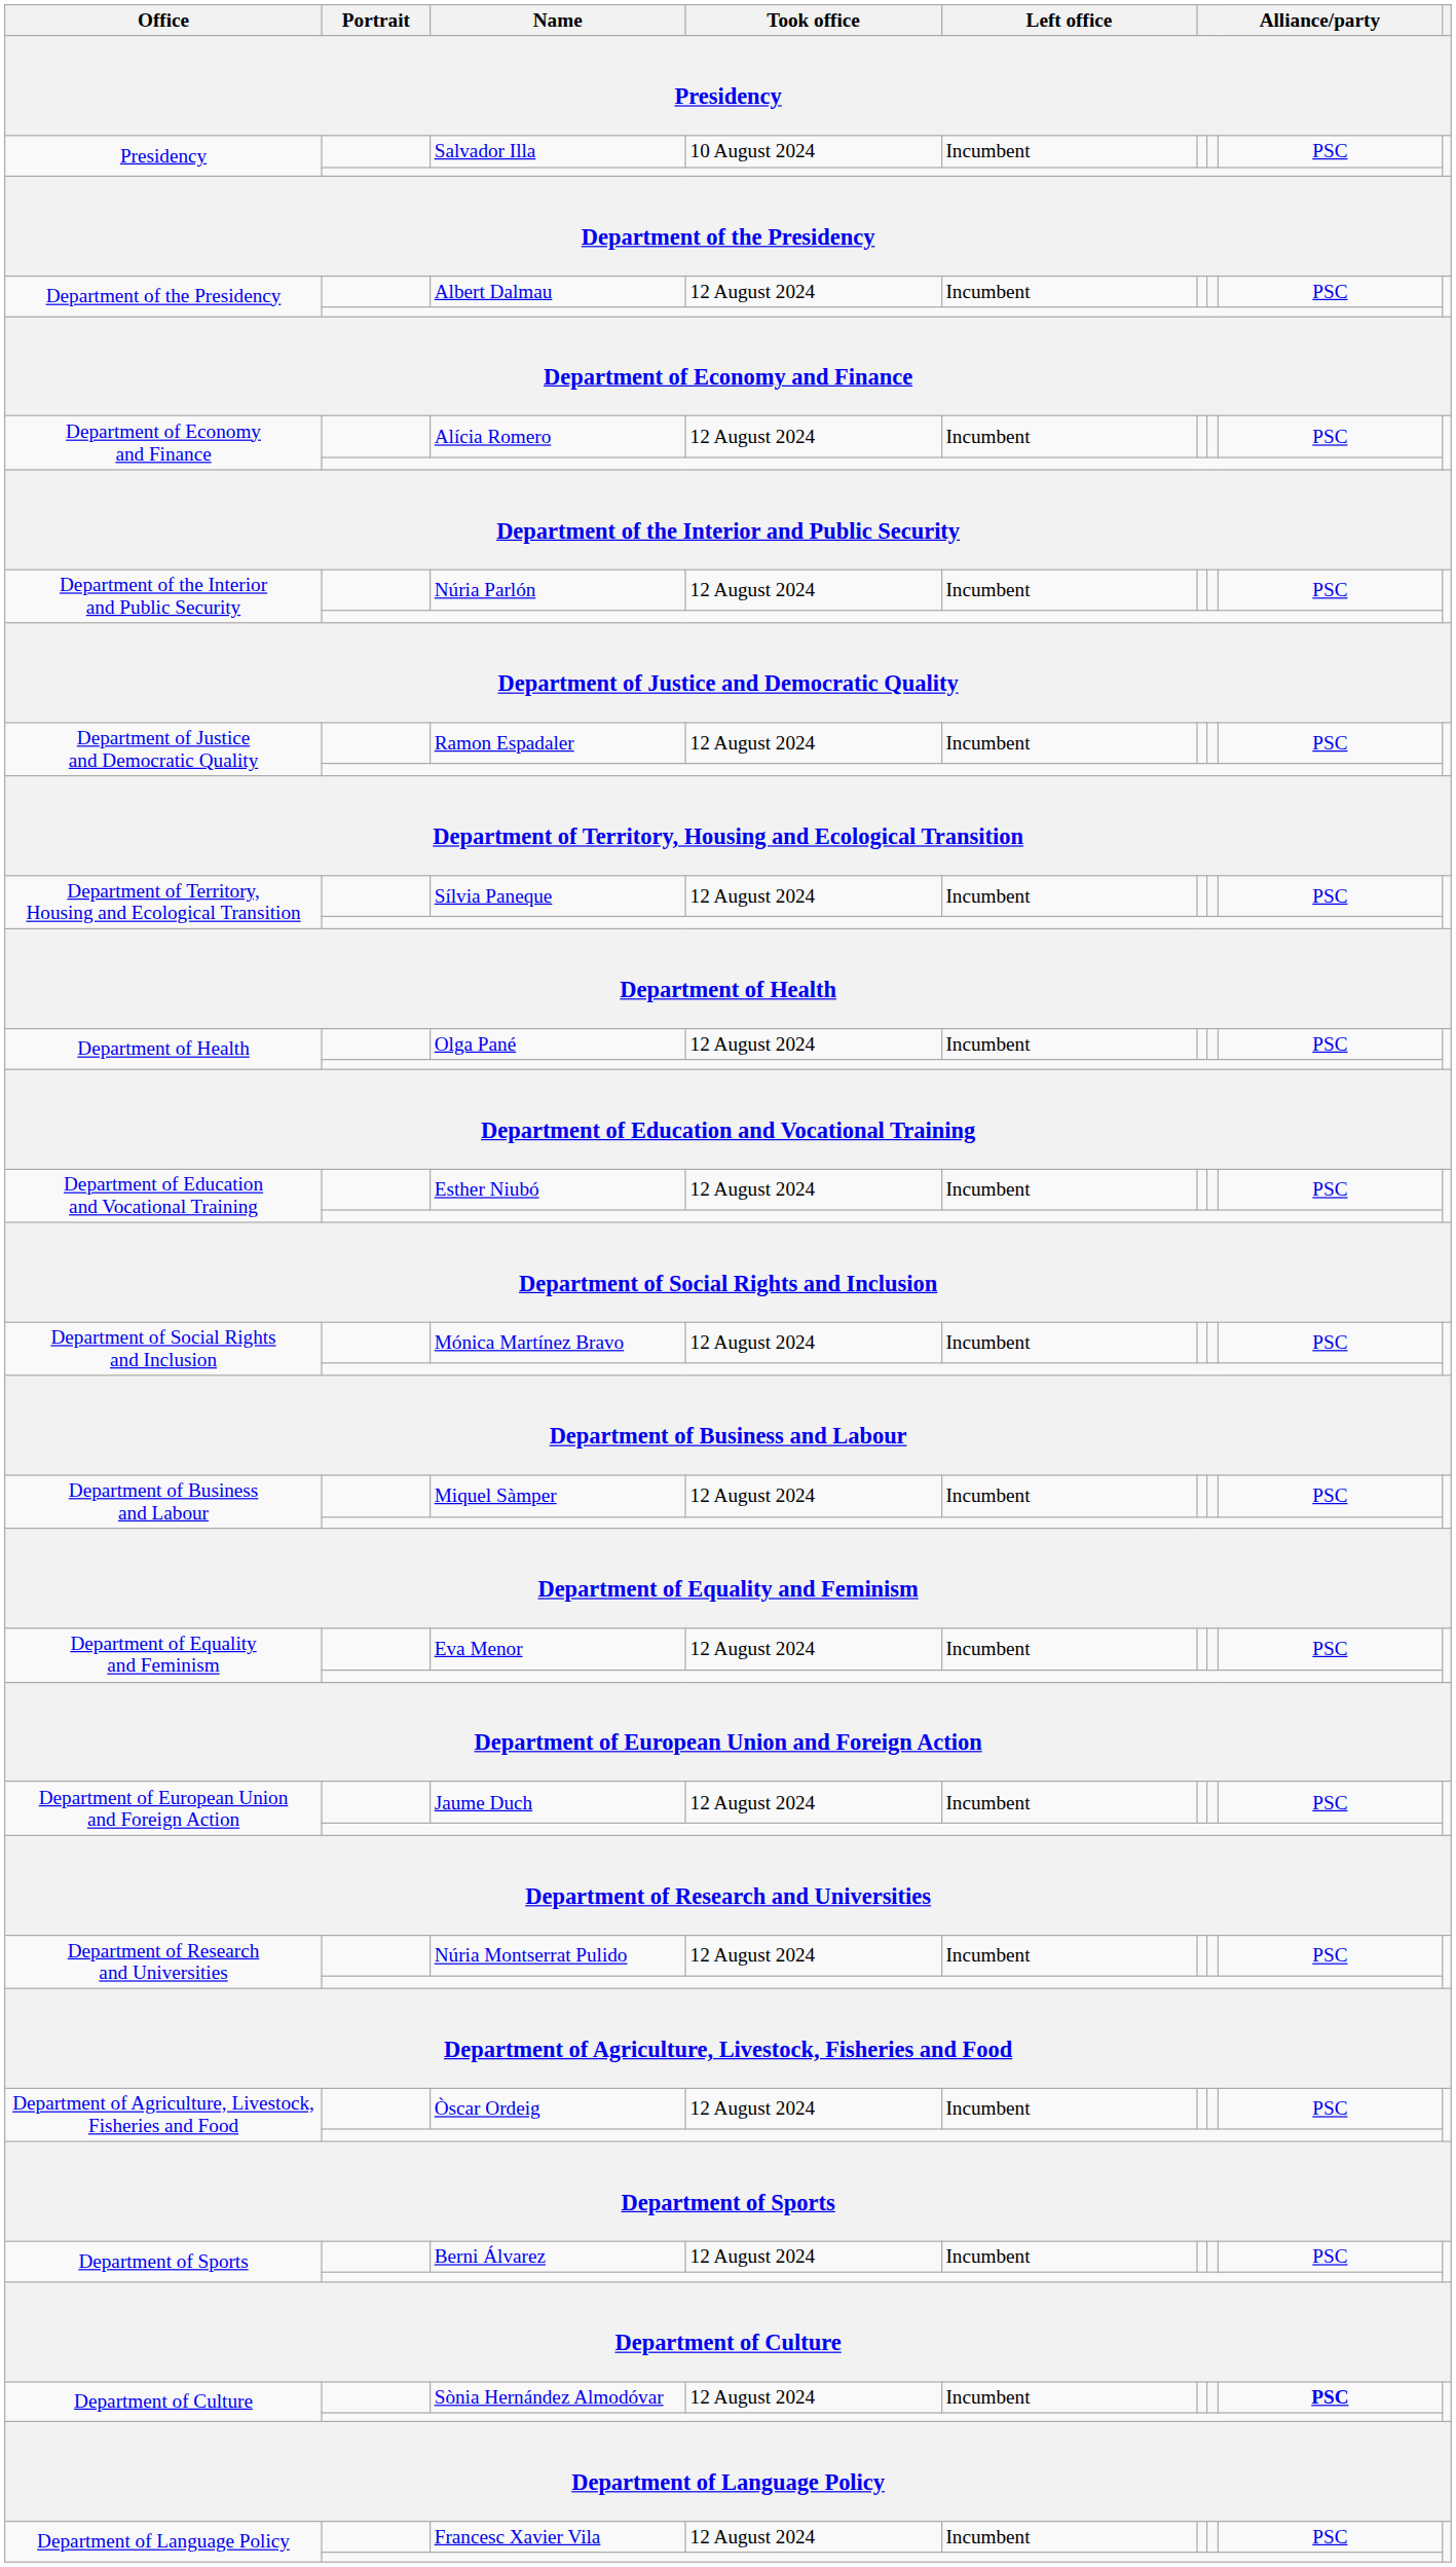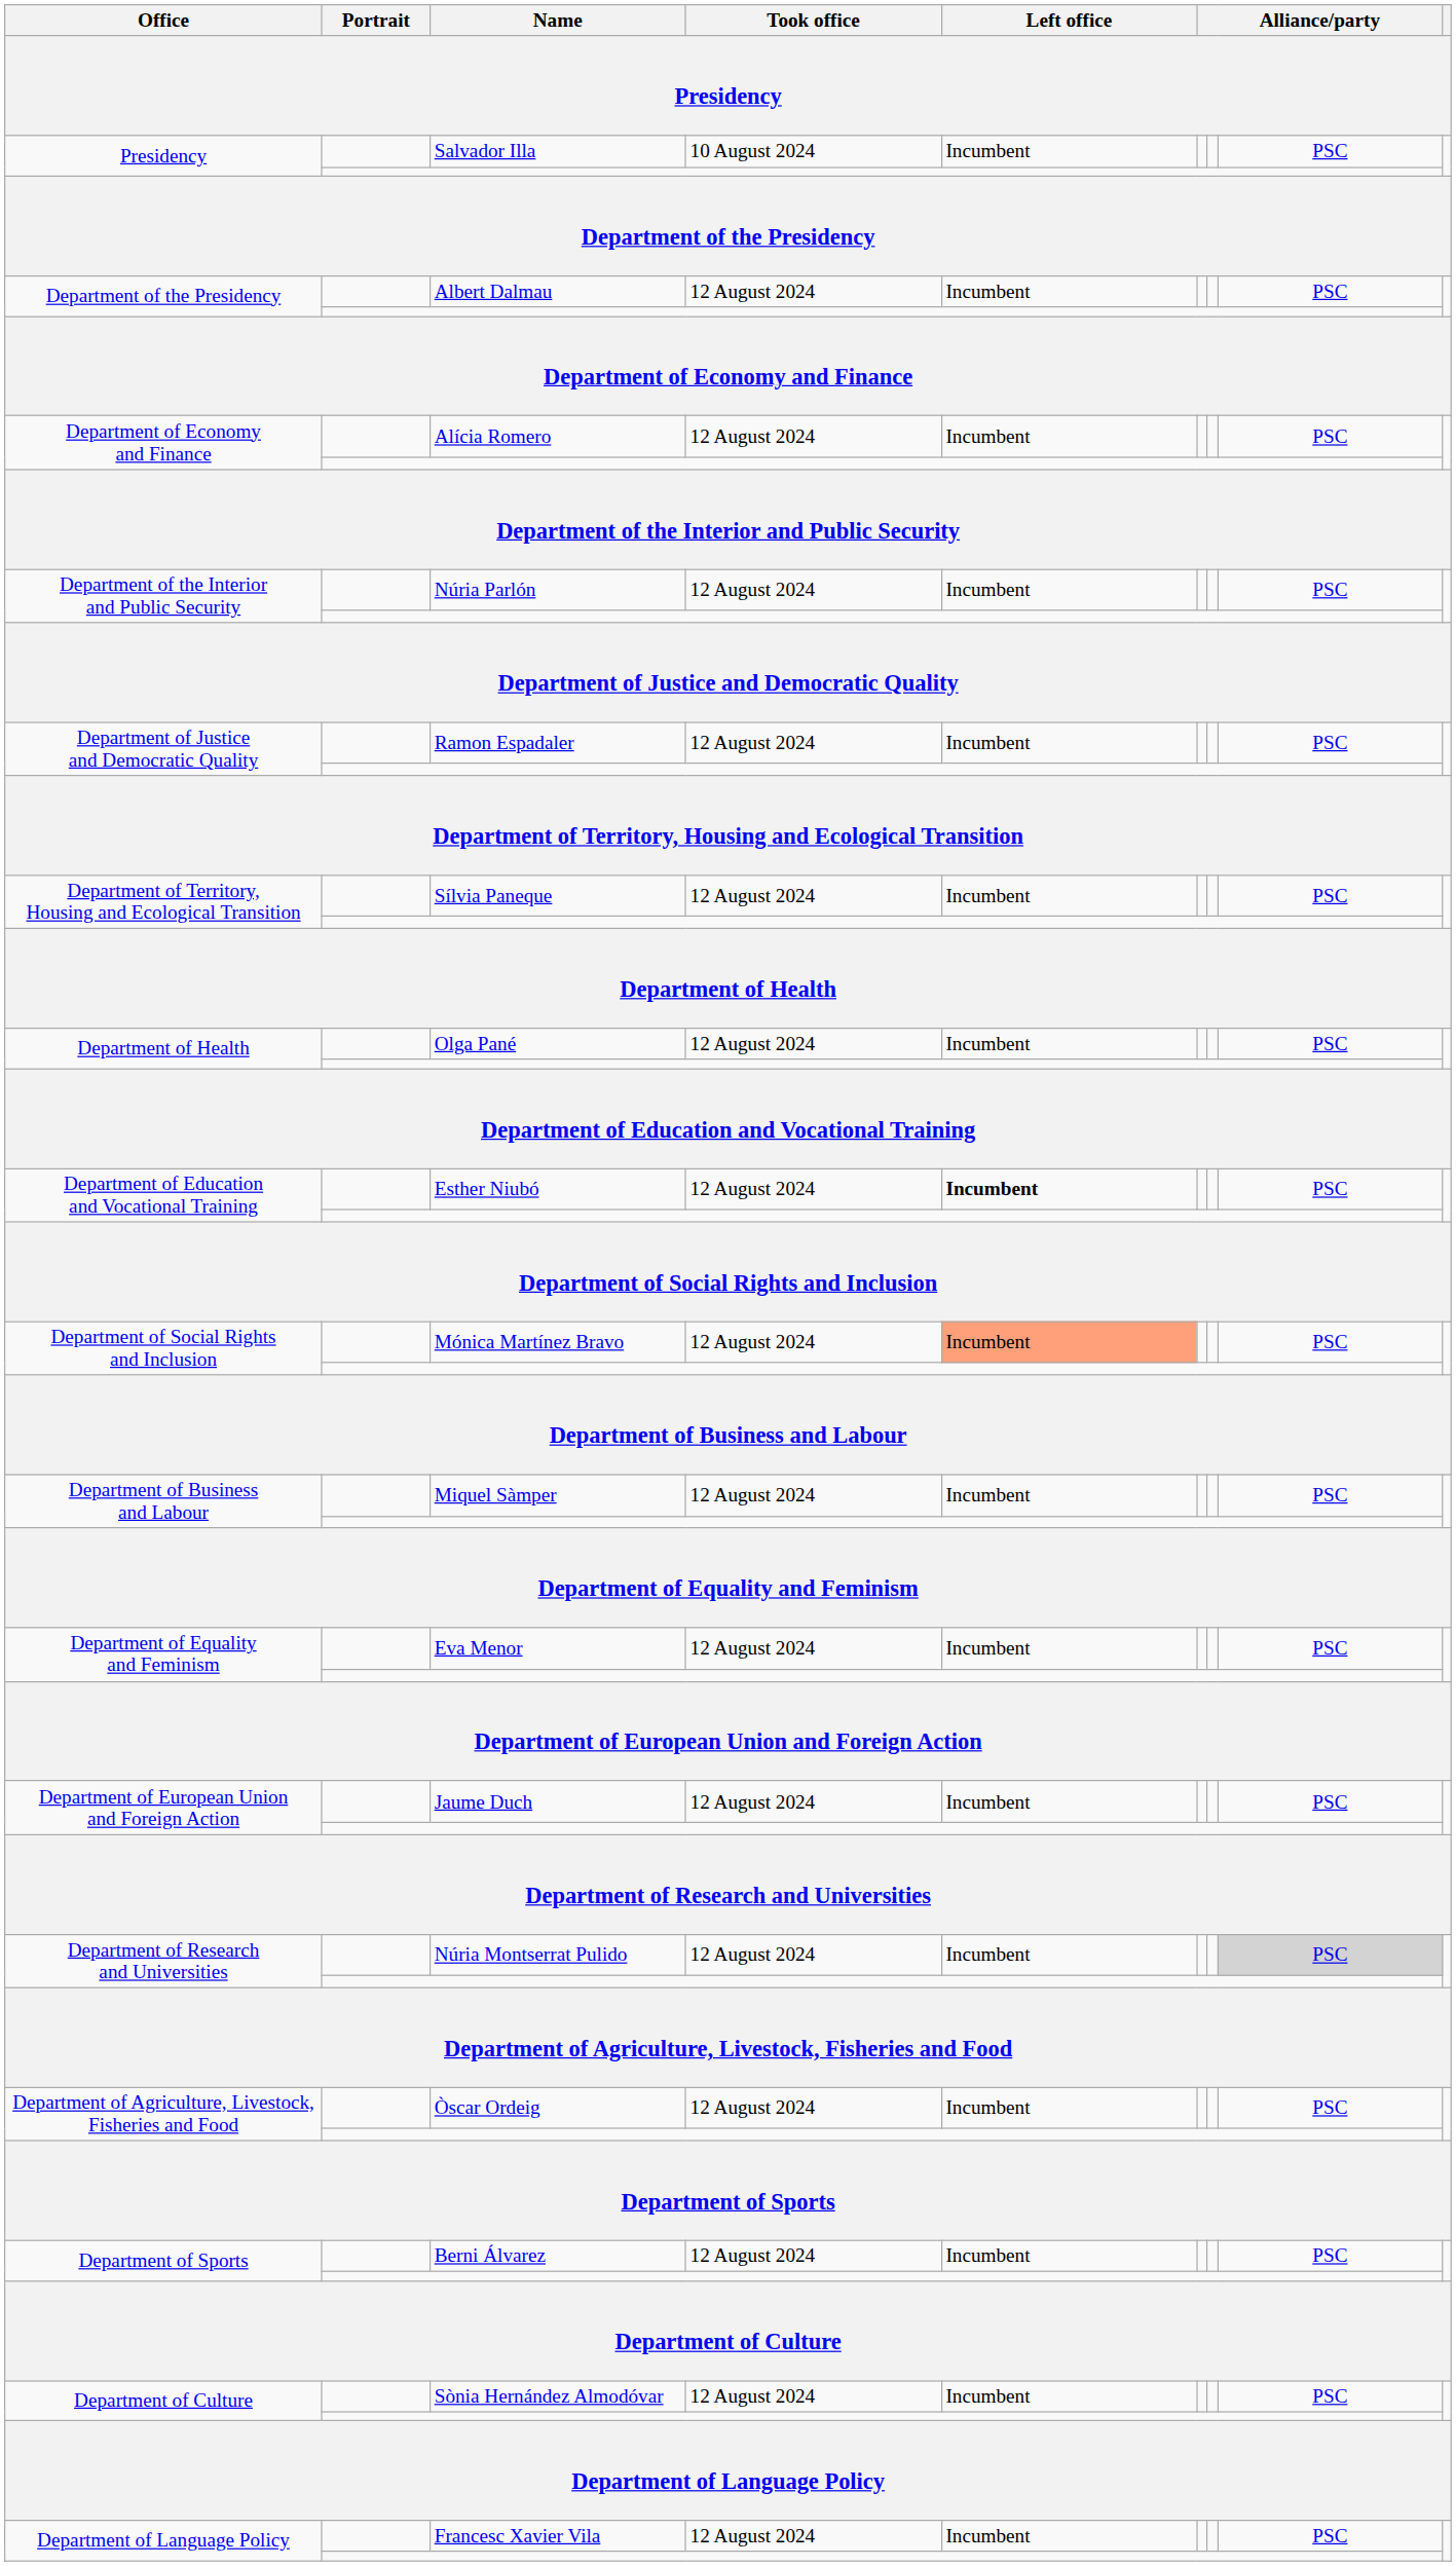 <table class="wikitable" style="line-height:18px;">
 <tr>
 <th scope="col">Office<br></th>
 <th scope="col">Portrait</th>
 <th scope="col">Name</th>
 <th scope="col">Took office</th>
 <th scope="col">Left office</th>
 <th colspan="3" scope="col">Alliance/party</th>
 <th></th>
 </tr>
 <tr>
 <th colspan="9"><br><h3><a href='#'>Presidency</a></h3></th>
 </tr>
 <tr>
 <td align="center" rowspan="2" width="250"><a href='#'>Presidency</a><br></td>
 <td width="80"></td>
 <td width="200"><a href='#'>Salvador Illa</a></td>
 <td width="200">10 August 2024</td>
 <td width="200">Incumbent</td>
 <td width="1" style="background-color:"></td>
 <td width="1" style="background-color:"></td>
 <td width="175" align="center"><a href='#'>PSC</a></td>
 <td align="center" rowspan="2"></td>
 </tr>
 <tr>
 <td colspan="7"></td>
 </tr>
 <tr>
 <th colspan="9"><br><h3><a href='#'>Department of the Presidency</a></h3></th>
 </tr>
 <tr>
 <td align="center" rowspan="2"><a href='#'>Department of the Presidency</a><br></td>
 <td></td>
 <td><a href='#'>Albert Dalmau</a></td>
 <td>12 August 2024</td>
 <td>Incumbent</td>
 <td style="background-color:"></td>
 <td style="background-color:"></td>
 <td align="center"><a href='#'>PSC</a></td>
 <td align="center" rowspan="2"></td>
 </tr>
 <tr>
 <td colspan="7"></td>
 </tr>
 <tr>
 <th colspan="9"><br><h3><a href='#'>Department of Economy and Finance</a></h3></th>
 </tr>
 <tr>
 <td align="center" rowspan="2"><a href='#'>Department of Economy<br>and Finance</a><br></td>
 <td></td>
 <td><a href='#'>Alícia Romero</a></td>
 <td>12 August 2024</td>
 <td>Incumbent</td>
 <td style="background-color:"></td>
 <td style="background-color:"></td>
 <td align="center"><a href='#'>PSC</a></td>
 <td align="center" rowspan="2"></td>
 </tr>
 <tr>
 <td colspan="7"></td>
 </tr>
 <tr>
 <th colspan="9"><br><h3><a href='#'>Department of the Interior and Public Security</a></h3></th>
 </tr>
 <tr>
 <td align="center" rowspan="2"><a href='#'>Department of the Interior<br>and Public Security</a><br></td>
 <td></td>
 <td><a href='#'>Núria Parlón</a></td>
 <td>12 August 2024</td>
 <td>Incumbent</td>
 <td style="background-color:"></td>
 <td style="background-color:"></td>
 <td align="center"><a href='#'>PSC</a></td>
 <td align="center" rowspan="2"></td>
 </tr>
 <tr>
 <td colspan="7"></td>
 </tr>
 <tr>
 <th colspan="9"><br><h3><a href='#'>Department of Justice and Democratic Quality</a></h3></th>
 </tr>
 <tr>
 <td align="center" rowspan="2"><a href='#'>Department of Justice<br>and Democratic Quality</a><br></td>
 <td></td>
 <td><a href='#'>Ramon Espadaler</a></td>
 <td>12 August 2024</td>
 <td>Incumbent</td>
 <td style="background-color:"></td>
 <td style="background-color:"></td>
 <td align="center"><a href='#'>PSC</a><br></td>
 <td align="center" rowspan="2"></td>
 </tr>
 <tr>
 <td colspan="7"></td>
 </tr>
 <tr>
 <th colspan="9"><br><h3><a href='#'>Department of Territory, Housing and Ecological Transition</a></h3></th>
 </tr>
 <tr>
 <td align="center" rowspan="2"><a href='#'>Department of Territory,<br>Housing and Ecological Transition</a><br></td>
 <td></td>
 <td><a href='#'>Sílvia Paneque</a></td>
 <td>12 August 2024</td>
 <td>Incumbent</td>
 <td style="background-color:"></td>
 <td style="background-color:"></td>
 <td align="center"><a href='#'>PSC</a></td>
 <td align="center" rowspan="2"></td>
 </tr>
 <tr>
 <td colspan="7"></td>
 </tr>
 <tr>
 <th colspan="9"><br><h3><a href='#'>Department of Health</a></h3></th>
 </tr>
 <tr>
 <td align="center" rowspan="2"><a href='#'>Department of Health</a><br></td>
 <td></td>
 <td><a href='#'>Olga Pané</a></td>
 <td>12 August 2024</td>
 <td>Incumbent</td>
 <td style="background-color:"></td>
 <td style="background-color:"></td>
 <td align="center"><a href='#'>PSC</a><br></td>
 <td align="center" rowspan="2"></td>
 </tr>
 <tr>
 <td colspan="7"></td>
 </tr>
 <tr>
 <th colspan="9"><br><h3><a href='#'>Department of Education and Vocational Training</a></h3></th>
 </tr>
 <tr>
 <td align="center" rowspan="2"><a href='#'>Department of Education<br>and Vocational Training</a><br></td>
 <td></td>
 <td><a href='#'>Esther Niubó</a></td>
 <td>12 August 2024</td>
-<td>Incumbent</td>
+<td><strong>Incumbent</strong></td>
 <td style="background-color:"></td>
 <td style="background-color:"></td>
 <td align="center"><a href='#'>PSC</a></td>
 <td align="center" rowspan="2"></td>
 </tr>
 <tr>
 <td colspan="7"></td>
 </tr>
 <tr>
 <th colspan="9"><br><h3><a href='#'>Department of Social Rights and Inclusion</a></h3></th>
 </tr>
 <tr>
 <td align="center" rowspan="2"><a href='#'>Department of Social Rights<br>and Inclusion</a><br></td>
 <td></td>
 <td><a href='#'>Mónica Martínez Bravo</a></td>
 <td>12 August 2024</td>
-<td>Incumbent</td>
+<td style="background: lightsalmon;">Incumbent</td>
 <td style="background-color:"></td>
 <td style="background-color:"></td>
 <td align="center"><a href='#'>PSC</a></td>
 <td align="center" rowspan="2"></td>
 </tr>
 <tr>
 <td colspan="7"></td>
 </tr>
 <tr>
 <th colspan="9"><br><h3><a href='#'>Department of Business and Labour</a></h3></th>
 </tr>
 <tr>
 <td align="center" rowspan="2"><a href='#'>Department of Business<br>and Labour</a><br></td>
 <td></td>
 <td><a href='#'>Miquel Sàmper</a></td>
 <td>12 August 2024</td>
 <td>Incumbent</td>
 <td style="background-color:"></td>
 <td style="background-color:"></td>
 <td align="center"><a href='#'>PSC</a><br></td>
 <td align="center" rowspan="2"></td>
 </tr>
 <tr>
 <td colspan="7"></td>
 </tr>
 <tr>
 <th colspan="9"><br><h3><a href='#'>Department of Equality and Feminism</a></h3></th>
 </tr>
 <tr>
 <td align="center" rowspan="2"><a href='#'>Department of Equality<br>and Feminism</a><br></td>
 <td></td>
 <td><a href='#'>Eva Menor</a></td>
 <td>12 August 2024</td>
 <td>Incumbent</td>
 <td style="background-color:"></td>
 <td style="background-color:"></td>
 <td align="center"><a href='#'>PSC</a></td>
 <td align="center" rowspan="2"></td>
 </tr>
 <tr>
 <td colspan="7"></td>
 </tr>
 <tr>
 <th colspan="9"><br><h3><a href='#'>Department of European Union and Foreign Action</a></h3></th>
 </tr>
 <tr>
 <td align="center" rowspan="2"><a href='#'>Department of European Union<br>and Foreign Action</a><br></td>
 <td></td>
 <td><a href='#'>Jaume Duch</a></td>
 <td>12 August 2024</td>
 <td>Incumbent</td>
 <td style="background-color:"></td>
 <td style="background-color:"></td>
 <td align="center"><a href='#'>PSC</a><br></td>
 <td align="center" rowspan="2"></td>
 </tr>
 <tr>
 <td colspan="7"></td>
 </tr>
 <tr>
 <th colspan="9"><br><h3><a href='#'>Department of Research and Universities</a></h3></th>
 </tr>
 <tr>
 <td align="center" rowspan="2"><a href='#'>Department of Research<br>and Universities</a><br></td>
 <td></td>
 <td><a href='#'>Núria Montserrat Pulido</a></td>
 <td>12 August 2024</td>
 <td>Incumbent</td>
 <td style="background-color:"></td>
 <td style="background-color:"></td>
-<td align="center"><a href='#'>PSC</a><br></td>
+<td align="center" style="background: lightgrey;"><a href='#'>PSC</a><br></td>
 <td align="center" rowspan="2"></td>
 </tr>
 <tr>
 <td colspan="7"></td>
 </tr>
 <tr>
 <th colspan="9"><br><h3><a href='#'>Department of Agriculture, Livestock, Fisheries and Food</a></h3></th>
 </tr>
 <tr>
 <td align="center" rowspan="2"><a href='#'>Department of Agriculture, Livestock,<br>Fisheries and Food</a><br></td>
 <td></td>
 <td><a href='#'>Òscar Ordeig</a></td>
 <td>12 August 2024</td>
 <td>Incumbent</td>
 <td style="background-color:"></td>
 <td style="background-color:"></td>
 <td align="center"><a href='#'>PSC</a></td>
 <td align="center" rowspan="2"></td>
 </tr>
 <tr>
 <td colspan="7"></td>
 </tr>
 <tr>
 <th colspan="9"><br><h3><a href='#'>Department of Sports</a></h3></th>
 </tr>
 <tr>
 <td align="center" rowspan="2"><a href='#'>Department of Sports</a><br></td>
 <td></td>
 <td><a href='#'>Berni Álvarez</a></td>
 <td>12 August 2024</td>
 <td>Incumbent</td>
 <td style="background-color:"></td>
 <td style="background-color:"></td>
 <td align="center"><a href='#'>PSC</a></td>
 <td align="center" rowspan="2"></td>
 </tr>
 <tr>
 <td colspan="7"></td>
 </tr>
 <tr>
 <th colspan="9"><br><h3><a href='#'>Department of Culture</a></h3></th>
 </tr>
 <tr>
 <td align="center" rowspan="2"><a href='#'>Department of Culture</a><br></td>
 <td></td>
 <td><a href='#'>Sònia Hernández Almodóvar</a></td>
 <td>12 August 2024</td>
 <td>Incumbent</td>
 <td style="background-color:"></td>
 <td style="background-color:"></td>
-<td align="center"><strong><a href='#'>PSC</a><br></strong></td>
+<td align="center"><a href='#'>PSC</a><br></td>
 <td align="center" rowspan="2"></td>
 </tr>
 <tr>
 <td colspan="7"></td>
 </tr>
 <tr>
 <th colspan="9"><br><h3><a href='#'>Department of Language Policy</a></h3></th>
 </tr>
 <tr>
 <td align="center" rowspan="2"><a href='#'>Department of Language Policy</a><br></td>
 <td></td>
 <td><a href='#'>Francesc Xavier Vila</a></td>
 <td>12 August 2024</td>
 <td>Incumbent</td>
 <td style="background-color:"></td>
 <td style="background-color:"></td>
 <td align="center"><a href='#'>PSC</a><br></td>
 <td align="center" rowspan="2"></td>
 </tr>
 <tr>
 <td colspan="7"></td>
 </tr>
 </table>
